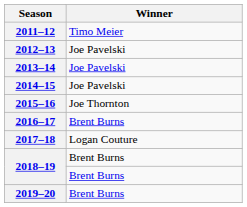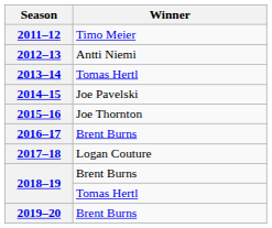 <table class="wikitable">
 <tr>
 <th scope="col" style="width:5em">Season</th>
 <th scope="col" style="width:15em">Winner</th>
 </tr>
 <tr>
 <th scope="row"><a href='#'>2011–12</a></th>
 <td><a href='#'>Timo Meier</a></td>
 </tr>
 <tr>
 <th scope="row"><a href='#'>2012–13</a></th>
-<td>Joe Pavelski</td>
+<td>Antti Niemi</td>
 </tr>
 <tr>
 <th scope="row"><a href='#'>2013–14</a></th>
-<td><a href='#'>Joe Pavelski</a></td>
+<td><a href='#'>Tomas Hertl</a></td>
 </tr>
 <tr>
 <th scope="row"><a href='#'>2014–15</a></th>
 <td>Joe Pavelski</td>
 </tr>
 <tr>
 <th scope="row"><a href='#'>2015–16</a></th>
 <td>Joe Thornton</td>
 </tr>
 <tr>
 <th scope="row"><a href='#'>2016–17</a></th>
 <td><a href='#'>Brent Burns</a></td>
 </tr>
 <tr>
 <th scope="row"><a href='#'>2017–18</a></th>
 <td>Logan Couture</td>
 </tr>
 <tr>
 <th scope="row" rowspan="2"><a href='#'>2018–19</a></th>
 <td>Brent Burns</td>
 </tr>
 <tr>
-<td><a href='#'>Brent Burns</a></td>
+<td><a href='#'>Tomas Hertl</a></td>
 </tr>
 <tr>
 <th scope="row"><a href='#'>2019–20</a></th>
 <td><a href='#'>Brent Burns</a></td>
 </tr>
 </table>
